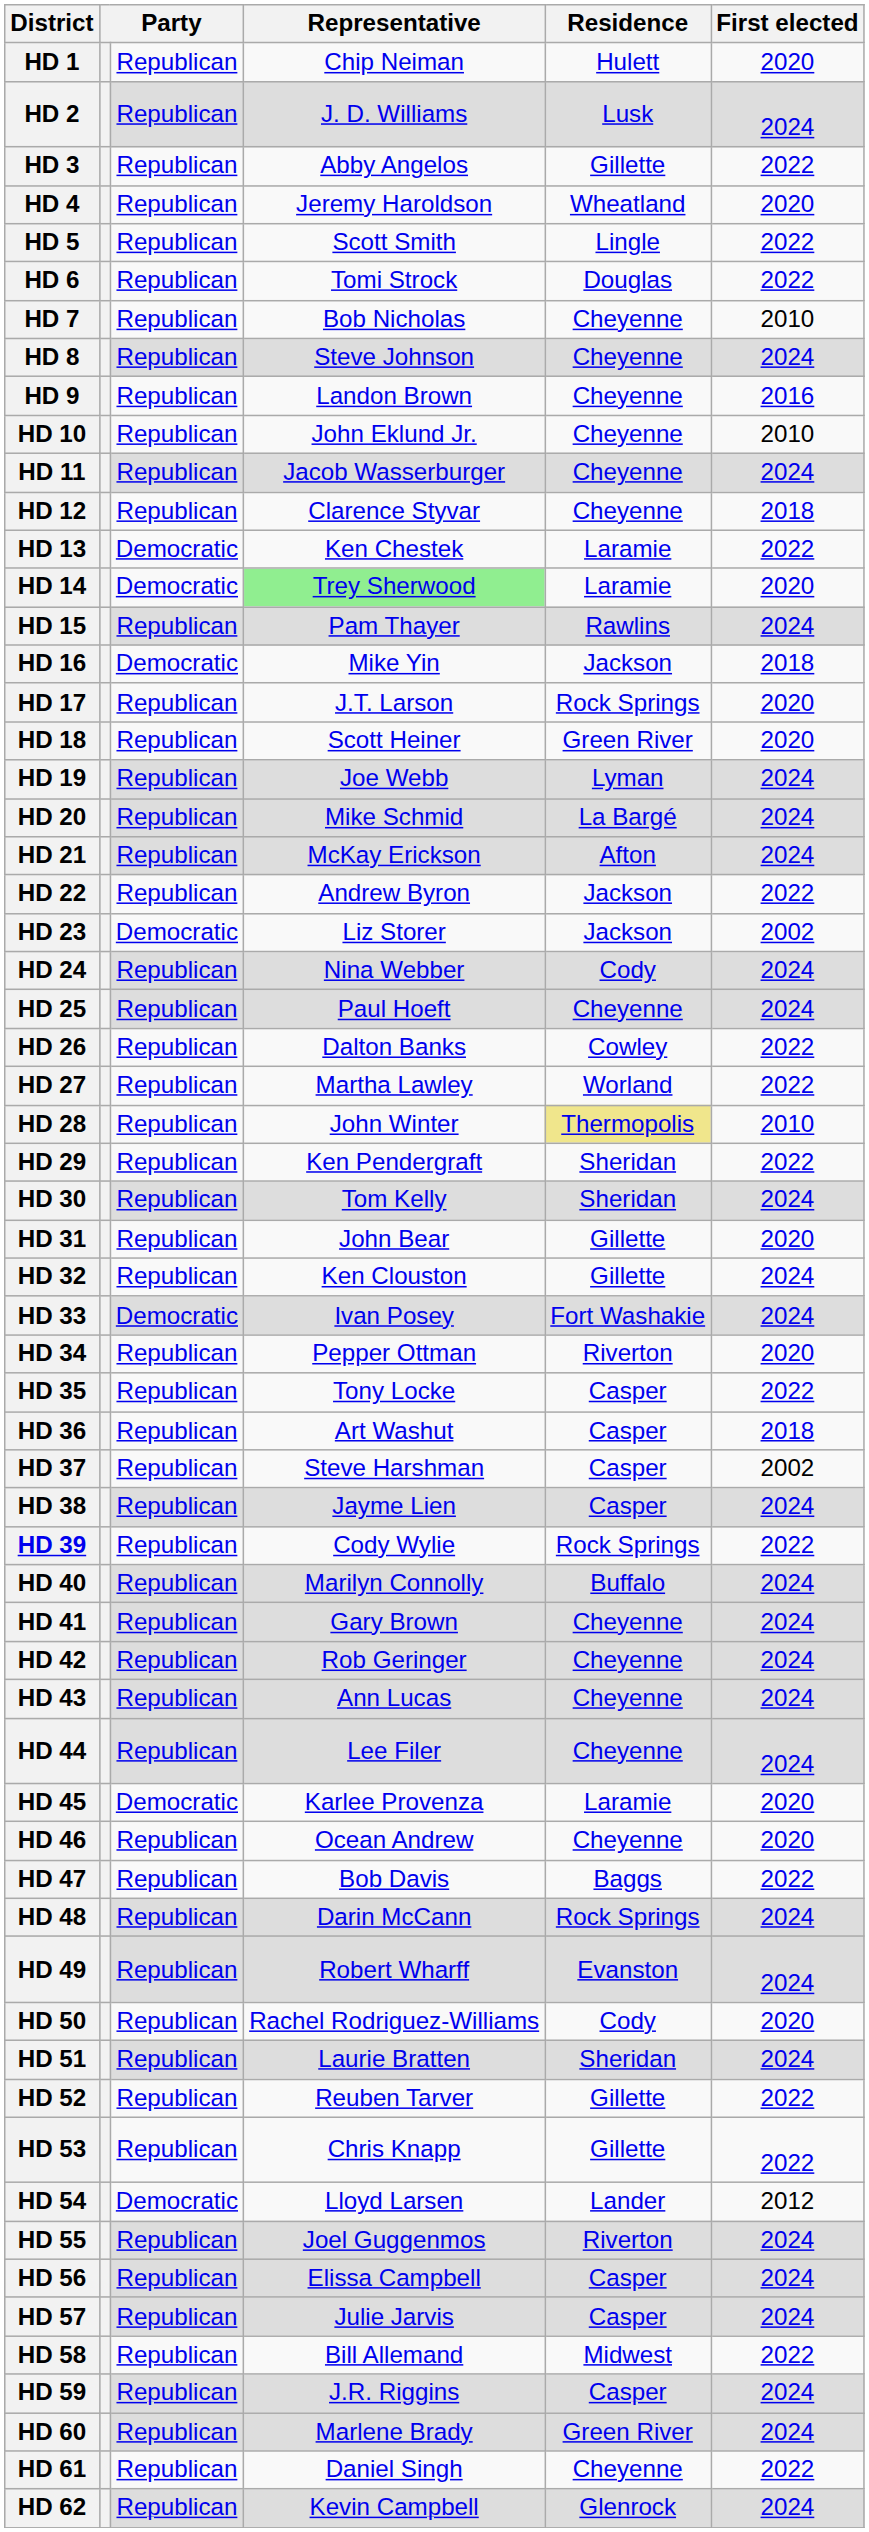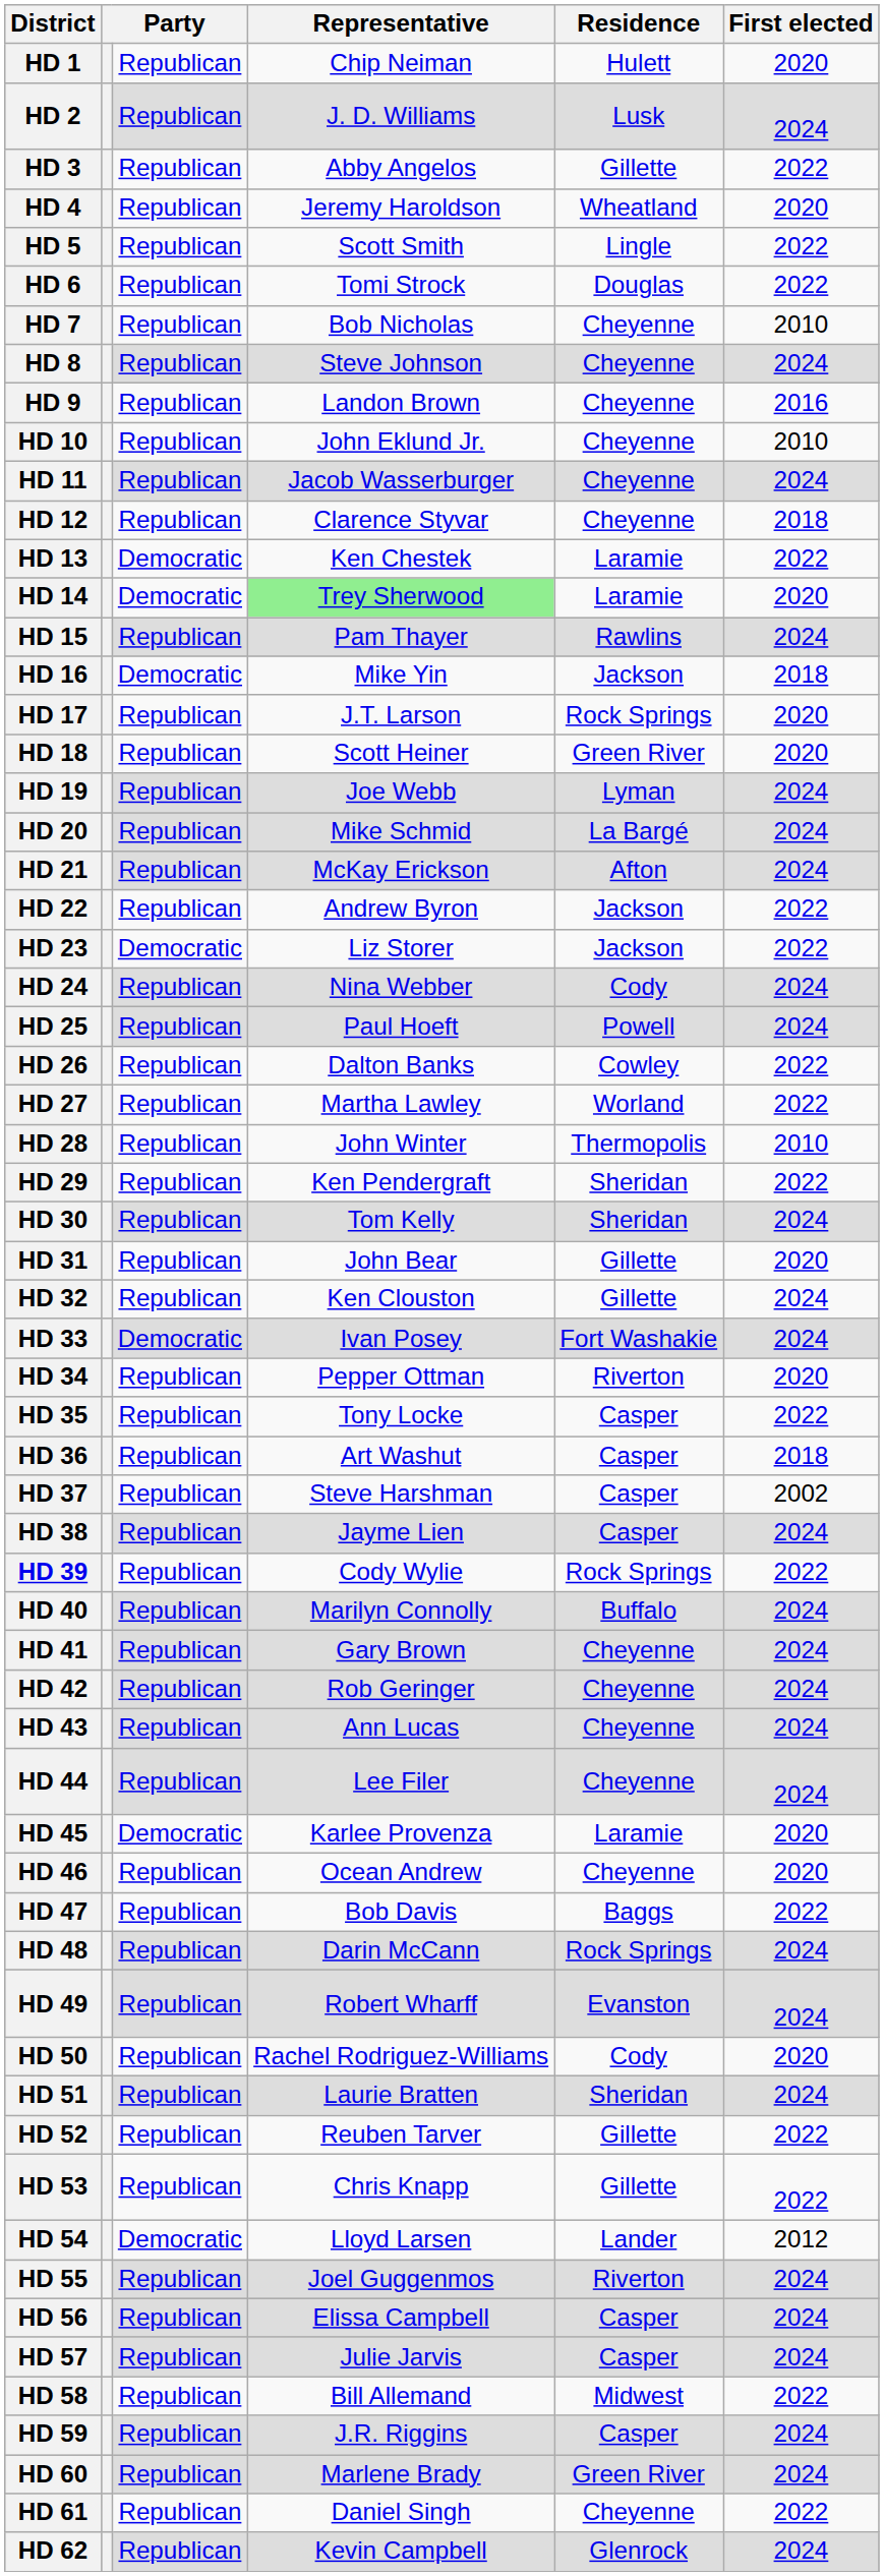 <table class="sortable wikitable" style="text-align:center">
 <tr>
 <th>District</th>
 <th colspan=2>Party</th>
 <th>Representative</th>
 <th>Residence</th>
 <th>First elected</th>
 </tr>
 <tr>
 <th>HD 1</th>
 <th style="background-color:"></th>
 <td><a href='#'>Republican</a></td>
 <td><a href='#'>Chip Neiman</a></td>
 <td><a href='#'>Hulett</a></td>
 <td><a href='#'>2020</a></td>
 </tr>
 <tr style="background-color:#dddddd">
 <th>HD 2</th>
 <th style="background-color:"></th>
 <td><a href='#'>Republican</a></td>
 <td><a href='#'>J. D. Williams</a></td>
 <td><a href='#'>Lusk</a></td>
 <td><br><a href='#'>2024</a></td>
 </tr>
 <tr>
 <th>HD 3</th>
 <th style="background-color:"></th>
 <td><a href='#'>Republican</a></td>
 <td><a href='#'>Abby Angelos</a></td>
 <td><a href='#'>Gillette</a></td>
 <td><a href='#'>2022</a></td>
 </tr>
 <tr>
 <th>HD 4</th>
 <th style="background-color:"></th>
 <td><a href='#'>Republican</a></td>
 <td><a href='#'>Jeremy Haroldson</a></td>
 <td><a href='#'>Wheatland</a></td>
 <td><a href='#'>2020</a></td>
 </tr>
 <tr>
 <th>HD 5</th>
 <th style="background-color:"></th>
 <td><a href='#'>Republican</a></td>
 <td><a href='#'>Scott Smith</a></td>
 <td><a href='#'>Lingle</a></td>
 <td><a href='#'>2022</a></td>
 </tr>
 <tr>
 <th>HD 6</th>
 <th style="background-color:"></th>
 <td><a href='#'>Republican</a></td>
 <td><a href='#'>Tomi Strock</a></td>
 <td><a href='#'>Douglas</a></td>
 <td><a href='#'>2022</a></td>
 </tr>
 <tr>
 <th>HD 7</th>
 <th style="background-color:"></th>
 <td><a href='#'>Republican</a></td>
 <td><a href='#'>Bob Nicholas</a></td>
 <td><a href='#'>Cheyenne</a></td>
 <td>2010</td>
 </tr>
 <tr style="background-color:#dddddd">
 <th>HD 8</th>
 <th style="background-color:"></th>
 <td><a href='#'>Republican</a></td>
 <td><a href='#'>Steve Johnson</a></td>
 <td><a href='#'>Cheyenne</a></td>
 <td><a href='#'>2024</a></td>
 </tr>
 <tr>
 <th>HD 9</th>
 <th style="background-color:"></th>
 <td><a href='#'>Republican</a></td>
 <td><a href='#'>Landon Brown</a></td>
 <td><a href='#'>Cheyenne</a></td>
 <td><a href='#'>2016</a></td>
 </tr>
 <tr>
 <th>HD 10</th>
 <th style="background-color:"></th>
 <td><a href='#'>Republican</a></td>
 <td><a href='#'>John Eklund Jr.</a></td>
 <td><a href='#'>Cheyenne</a></td>
 <td>2010</td>
 </tr>
 <tr style="background-color:#dddddd">
 <th>HD 11</th>
 <th style="background-color:"></th>
 <td><a href='#'>Republican</a></td>
 <td><a href='#'>Jacob Wasserburger</a></td>
 <td><a href='#'>Cheyenne</a></td>
 <td><a href='#'>2024</a></td>
 </tr>
 <tr>
 <th>HD 12</th>
 <th style="background-color:"></th>
 <td><a href='#'>Republican</a></td>
 <td><a href='#'>Clarence Styvar</a></td>
 <td><a href='#'>Cheyenne</a></td>
 <td><a href='#'>2018</a></td>
 </tr>
 <tr>
 <th>HD 13</th>
 <th style="background-color:"></th>
 <td><a href='#'>Democratic</a></td>
 <td><a href='#'>Ken Chestek</a></td>
 <td><a href='#'>Laramie</a></td>
 <td><a href='#'>2022</a></td>
 </tr>
 <tr>
 <th>HD 14</th>
 <th style="background-color:"></th>
 <td><a href='#'>Democratic</a></td>
 <td style="background: lightgreen;"><a href='#'>Trey Sherwood</a></td>
 <td><a href='#'>Laramie</a></td>
 <td><a href='#'>2020</a></td>
 </tr>
 <tr style="background-color:#dddddd">
 <th>HD 15</th>
 <th style="background-color:"></th>
 <td><a href='#'>Republican</a></td>
 <td><a href='#'>Pam Thayer</a></td>
 <td><a href='#'>Rawlins</a></td>
 <td><a href='#'>2024</a></td>
 </tr>
 <tr>
 <th>HD 16</th>
 <th style="background-color:"></th>
 <td><a href='#'>Democratic</a></td>
 <td><a href='#'>Mike Yin</a></td>
 <td><a href='#'>Jackson</a></td>
 <td><a href='#'>2018</a></td>
 </tr>
 <tr>
 <th>HD 17</th>
 <th style="background-color:"></th>
 <td><a href='#'>Republican</a></td>
 <td><a href='#'>J.T. Larson</a></td>
 <td><a href='#'>Rock Springs</a></td>
 <td><a href='#'>2020</a></td>
 </tr>
 <tr>
 <th>HD 18</th>
 <th style="background-color:"></th>
 <td><a href='#'>Republican</a></td>
 <td><a href='#'>Scott Heiner</a></td>
 <td><a href='#'>Green River</a></td>
 <td><a href='#'>2020</a></td>
 </tr>
 <tr style="background-color:#dddddd">
 <th>HD 19</th>
 <th style="background-color:"></th>
 <td><a href='#'>Republican</a></td>
 <td><a href='#'>Joe Webb</a></td>
 <td><a href='#'>Lyman</a></td>
 <td><a href='#'>2024</a></td>
 </tr>
 <tr style="background-color:#dddddd">
 <th>HD 20</th>
 <th style="background-color:"></th>
 <td><a href='#'>Republican</a></td>
 <td><a href='#'>Mike Schmid</a></td>
 <td><a href='#'>La Bargé</a></td>
 <td><a href='#'>2024</a></td>
 </tr>
 <tr style="background-color:#dddddd">
 <th>HD 21</th>
 <th style="background-color:"></th>
 <td><a href='#'>Republican</a></td>
 <td><a href='#'>McKay Erickson</a></td>
 <td><a href='#'>Afton</a></td>
 <td><a href='#'>2024</a></td>
 </tr>
 <tr>
 <th>HD 22</th>
 <th style="background-color:"></th>
 <td><a href='#'>Republican</a></td>
 <td><a href='#'>Andrew Byron</a></td>
 <td><a href='#'>Jackson</a></td>
 <td><a href='#'>2022</a></td>
 </tr>
 <tr>
 <th>HD 23</th>
 <th style="background-color:"></th>
 <td><a href='#'>Democratic</a></td>
 <td><a href='#'>Liz Storer</a></td>
 <td><a href='#'>Jackson</a></td>
-<td><a href='#'>2002</a></td>
+<td><a href='#'>2022</a></td>
 </tr>
 <tr style="background-color:#dddddd">
 <th>HD 24</th>
 <th style="background-color:"></th>
 <td><a href='#'>Republican</a></td>
 <td><a href='#'>Nina Webber</a></td>
 <td><a href='#'>Cody</a></td>
 <td><a href='#'>2024</a></td>
 </tr>
 <tr style="background-color:#dddddd">
 <th>HD 25</th>
 <th style="background-color:"></th>
 <td><a href='#'>Republican</a></td>
 <td><a href='#'>Paul Hoeft</a></td>
-<td><a href='#'>Cheyenne</a></td>
+<td><a href='#'>Powell</a></td>
 <td><a href='#'>2024</a></td>
 </tr>
 <tr>
 <th>HD 26</th>
 <th style="background-color:"></th>
 <td><a href='#'>Republican</a></td>
 <td><a href='#'>Dalton Banks</a></td>
 <td><a href='#'>Cowley</a></td>
 <td><a href='#'>2022</a></td>
 </tr>
 <tr>
 <th>HD 27</th>
 <th style="background-color:"></th>
 <td><a href='#'>Republican</a></td>
 <td><a href='#'>Martha Lawley</a></td>
 <td><a href='#'>Worland</a></td>
 <td><a href='#'>2022</a></td>
 </tr>
 <tr>
 <th>HD 28</th>
 <th style="background-color:"></th>
 <td><a href='#'>Republican</a></td>
 <td><a href='#'>John Winter</a></td>
-<td style="background: khaki;"><a href='#'>Thermopolis</a></td>
+<td><a href='#'>Thermopolis</a></td>
 <td><a href='#'>2010</a></td>
 </tr>
 <tr>
 <th>HD 29</th>
 <th style="background-color:"></th>
 <td><a href='#'>Republican</a></td>
 <td><a href='#'>Ken Pendergraft</a></td>
 <td><a href='#'>Sheridan</a></td>
 <td><a href='#'>2022</a></td>
 </tr>
 <tr style="background-color:#dddddd">
 <th>HD 30</th>
 <th style="background-color:"></th>
 <td><a href='#'>Republican</a></td>
 <td><a href='#'>Tom Kelly</a></td>
 <td><a href='#'>Sheridan</a></td>
 <td><a href='#'>2024</a></td>
 </tr>
 <tr>
 <th>HD 31</th>
 <th style="background-color:"></th>
 <td><a href='#'>Republican</a></td>
 <td><a href='#'>John Bear</a></td>
 <td><a href='#'>Gillette</a></td>
 <td><a href='#'>2020</a></td>
 </tr>
 <tr>
 <th>HD 32</th>
 <th style="background-color:"></th>
 <td><a href='#'>Republican</a></td>
 <td><a href='#'>Ken Clouston</a></td>
 <td><a href='#'>Gillette</a></td>
 <td><a href='#'>2024</a></td>
 </tr>
 <tr style="background-color:#dddddd">
 <th>HD 33</th>
 <th style="background-color:"></th>
 <td><a href='#'>Democratic</a></td>
 <td><a href='#'>Ivan Posey</a></td>
 <td><a href='#'>Fort Washakie</a></td>
 <td><a href='#'>2024</a></td>
 </tr>
 <tr>
 <th>HD 34</th>
 <th style="background-color:"></th>
 <td><a href='#'>Republican</a></td>
 <td><a href='#'>Pepper Ottman</a></td>
 <td><a href='#'>Riverton</a></td>
 <td><a href='#'>2020</a></td>
 </tr>
 <tr>
 <th>HD 35</th>
 <th style="background-color:"></th>
 <td><a href='#'>Republican</a></td>
 <td><a href='#'>Tony Locke</a></td>
 <td><a href='#'>Casper</a></td>
 <td><a href='#'>2022</a></td>
 </tr>
 <tr>
 <th>HD 36</th>
 <th style="background-color:"></th>
 <td><a href='#'>Republican</a></td>
 <td><a href='#'>Art Washut</a></td>
 <td><a href='#'>Casper</a></td>
 <td><a href='#'>2018</a></td>
 </tr>
 <tr>
 <th>HD 37</th>
 <th style="background-color:"></th>
 <td><a href='#'>Republican</a></td>
 <td><a href='#'>Steve Harshman</a></td>
 <td><a href='#'>Casper</a></td>
 <td>2002</td>
 </tr>
 <tr style="background-color:#dddddd">
 <th>HD 38</th>
 <th style="background-color:"></th>
 <td><a href='#'>Republican</a></td>
 <td><a href='#'>Jayme Lien</a></td>
 <td><a href='#'>Casper</a></td>
 <td><a href='#'>2024</a></td>
 </tr>
 <tr>
 <th><a href='#'>HD 39</a></th>
 <th style="background-color:"></th>
 <td><a href='#'>Republican</a></td>
 <td><a href='#'>Cody Wylie</a></td>
 <td><a href='#'>Rock Springs</a></td>
 <td><a href='#'>2022</a></td>
 </tr>
 <tr style="background-color:#dddddd">
 <th>HD 40</th>
 <th style="background-color:"></th>
 <td><a href='#'>Republican</a></td>
 <td><a href='#'>Marilyn Connolly</a></td>
 <td><a href='#'>Buffalo</a></td>
 <td><a href='#'>2024</a></td>
 </tr>
 <tr style="background-color:#dddddd">
 <th>HD 41</th>
 <th style="background-color:"></th>
 <td><a href='#'>Republican</a></td>
 <td><a href='#'>Gary Brown</a></td>
 <td><a href='#'>Cheyenne</a></td>
 <td><a href='#'>2024</a></td>
 </tr>
 <tr style="background-color:#dddddd">
 <th>HD 42</th>
 <th style="background-color:"></th>
 <td><a href='#'>Republican</a></td>
 <td><a href='#'>Rob Geringer</a></td>
 <td><a href='#'>Cheyenne</a></td>
 <td><a href='#'>2024</a></td>
 </tr>
 <tr style="background-color:#dddddd">
 <th>HD 43</th>
 <th style="background-color:"></th>
 <td><a href='#'>Republican</a></td>
 <td><a href='#'>Ann Lucas</a></td>
 <td><a href='#'>Cheyenne</a></td>
 <td><a href='#'>2024</a></td>
 </tr>
 <tr style="background-color:#dddddd">
 <th>HD 44</th>
 <th style="background-color:"></th>
 <td><a href='#'>Republican</a></td>
 <td><a href='#'>Lee Filer</a></td>
 <td><a href='#'>Cheyenne</a></td>
 <td><br><a href='#'>2024</a></td>
 </tr>
 <tr>
 <th>HD 45</th>
 <th style="background-color:"></th>
 <td><a href='#'>Democratic</a></td>
 <td><a href='#'>Karlee Provenza</a></td>
 <td><a href='#'>Laramie</a></td>
 <td><a href='#'>2020</a></td>
 </tr>
 <tr>
 <th>HD 46</th>
 <th style="background-color:"></th>
 <td><a href='#'>Republican</a></td>
 <td><a href='#'>Ocean Andrew</a></td>
 <td><a href='#'>Cheyenne</a></td>
 <td><a href='#'>2020</a></td>
 </tr>
 <tr>
 <th>HD 47</th>
 <th style="background-color:"></th>
 <td><a href='#'>Republican</a></td>
 <td><a href='#'>Bob Davis</a></td>
 <td><a href='#'>Baggs</a></td>
 <td><a href='#'>2022</a></td>
 </tr>
 <tr style="background-color:#dddddd">
 <th>HD 48</th>
 <th style="background-color:"></th>
 <td><a href='#'>Republican</a></td>
 <td><a href='#'>Darin McCann</a></td>
 <td><a href='#'>Rock Springs</a></td>
 <td><a href='#'>2024</a></td>
 </tr>
 <tr style="background-color:#dddddd">
 <th>HD 49</th>
 <th style="background-color:"></th>
 <td><a href='#'>Republican</a></td>
 <td><a href='#'>Robert Wharff</a></td>
 <td><a href='#'>Evanston</a></td>
 <td><br><a href='#'>2024</a></td>
 </tr>
 <tr>
 <th>HD 50</th>
 <th style="background-color:"></th>
 <td><a href='#'>Republican</a></td>
 <td><a href='#'>Rachel Rodriguez-Williams</a></td>
 <td><a href='#'>Cody</a></td>
 <td><a href='#'>2020</a></td>
 </tr>
 <tr style="background-color:#dddddd">
 <th>HD 51</th>
 <th style="background-color:"></th>
 <td><a href='#'>Republican</a></td>
 <td><a href='#'>Laurie Bratten</a></td>
 <td><a href='#'>Sheridan</a></td>
 <td><a href='#'>2024</a></td>
 </tr>
 <tr>
 <th>HD 52</th>
 <th style="background-color:"></th>
 <td><a href='#'>Republican</a></td>
 <td><a href='#'>Reuben Tarver</a></td>
 <td><a href='#'>Gillette</a></td>
 <td><a href='#'>2022</a></td>
 </tr>
 <tr>
 <th>HD 53</th>
 <th style="background-color:"></th>
 <td><a href='#'>Republican</a></td>
 <td><a href='#'>Chris Knapp</a></td>
 <td><a href='#'>Gillette</a></td>
 <td><br><a href='#'>2022</a></td>
 </tr>
 <tr>
 <th>HD 54</th>
 <th style="background-color:"></th>
 <td><a href='#'>Democratic</a></td>
 <td><a href='#'>Lloyd Larsen</a></td>
 <td><a href='#'>Lander</a></td>
 <td>2012</td>
 </tr>
 <tr style="background-color:#dddddd">
 <th>HD 55</th>
 <th style="background-color:"></th>
 <td><a href='#'>Republican</a></td>
 <td><a href='#'>Joel Guggenmos</a></td>
 <td><a href='#'>Riverton</a></td>
 <td><a href='#'>2024</a></td>
 </tr>
 <tr style="background-color:#dddddd">
 <th>HD 56</th>
 <th style="background-color:"></th>
 <td><a href='#'>Republican</a></td>
 <td><a href='#'>Elissa Campbell</a></td>
 <td><a href='#'>Casper</a></td>
 <td><a href='#'>2024</a></td>
 </tr>
 <tr style="background-color:#dddddd">
 <th>HD 57</th>
 <th style="background-color:"></th>
 <td><a href='#'>Republican</a></td>
 <td><a href='#'>Julie Jarvis</a></td>
 <td><a href='#'>Casper</a></td>
 <td><a href='#'>2024</a></td>
 </tr>
 <tr>
 <th>HD 58</th>
 <th style="background-color:"></th>
 <td><a href='#'>Republican</a></td>
 <td><a href='#'>Bill Allemand</a></td>
 <td><a href='#'>Midwest</a></td>
 <td><a href='#'>2022</a></td>
 </tr>
 <tr style="background-color:#dddddd">
 <th>HD 59</th>
 <th style="background-color:"></th>
 <td><a href='#'>Republican</a></td>
 <td><a href='#'>J.R. Riggins</a></td>
 <td><a href='#'>Casper</a></td>
 <td><a href='#'>2024</a></td>
 </tr>
 <tr style="background-color:#dddddd">
 <th>HD 60</th>
 <th style="background-color:"></th>
 <td><a href='#'>Republican</a></td>
 <td><a href='#'>Marlene Brady</a></td>
 <td><a href='#'>Green River</a></td>
 <td><a href='#'>2024</a></td>
 </tr>
 <tr>
 <th>HD 61</th>
 <th style="background-color:"></th>
 <td><a href='#'>Republican</a></td>
 <td><a href='#'>Daniel Singh</a></td>
 <td><a href='#'>Cheyenne</a></td>
 <td><a href='#'>2022</a></td>
 </tr>
 <tr style="background-color:#dddddd">
 <th>HD 62</th>
 <th style="background-color:"></th>
 <td><a href='#'>Republican</a></td>
 <td><a href='#'>Kevin Campbell</a></td>
 <td><a href='#'>Glenrock</a></td>
 <td><a href='#'>2024</a></td>
 </tr>
 <tr>
 </tr>
 </table>
